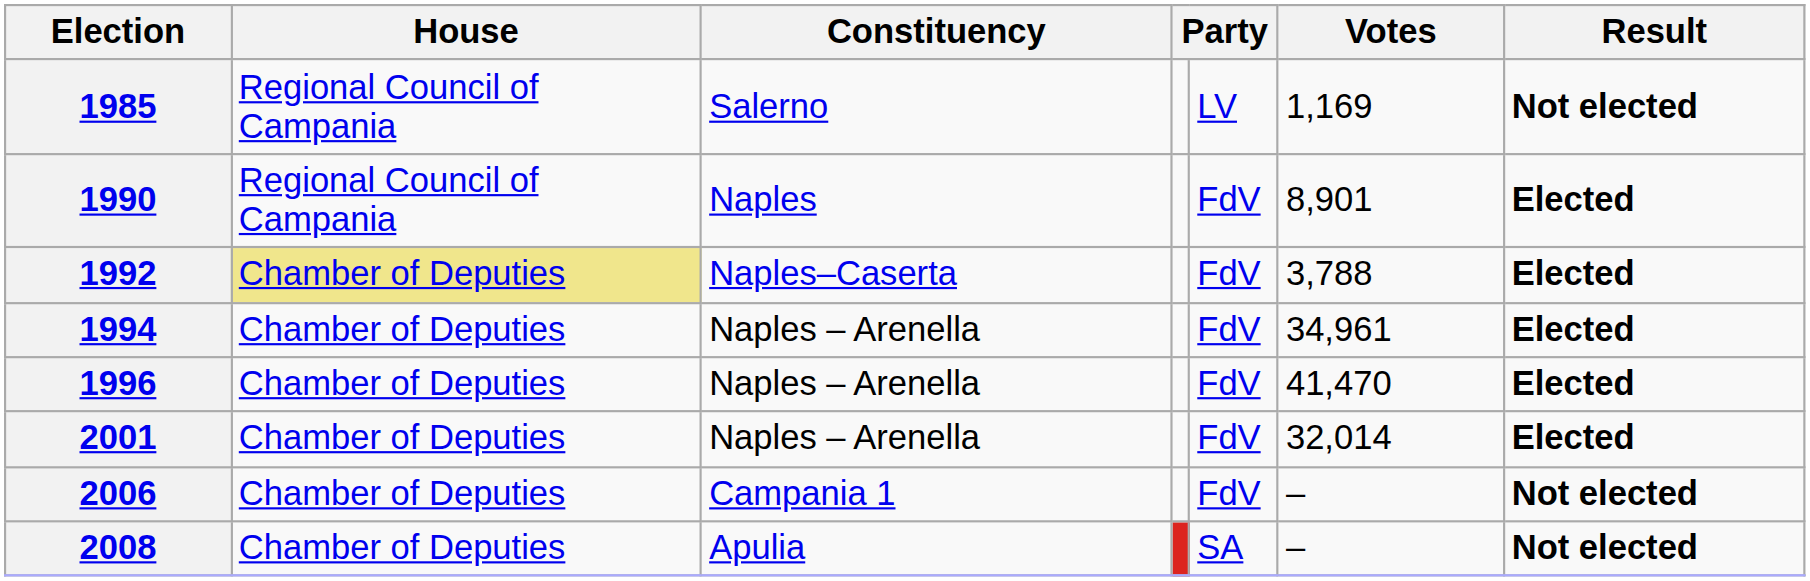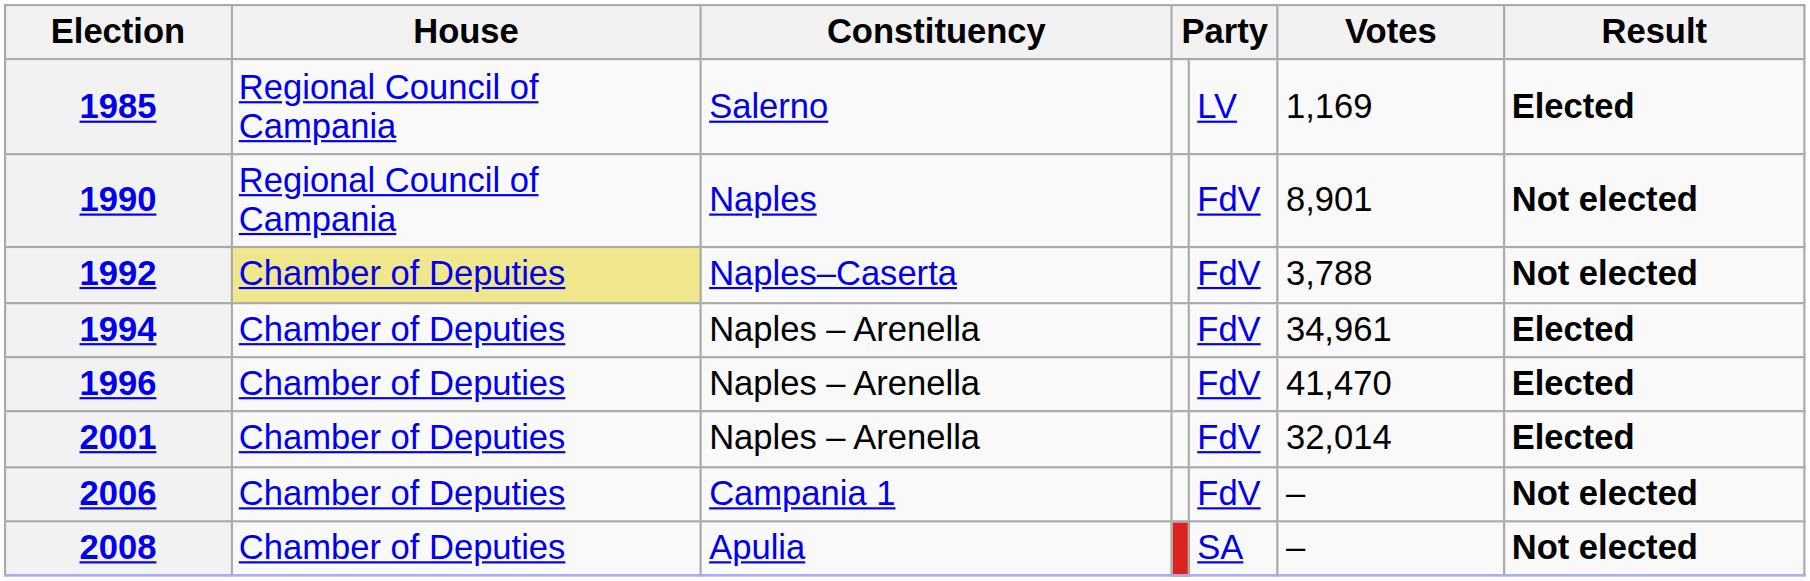 <table class=wikitable style="width:66%; border:1px #AAAAFF solid">
 <tr>
 <th width=12%>Election</th>
 <th width=25%>House</th>
 <th width=25%>Constituency</th>
 <th width=5% colspan="2">Party</th>
 <th width=12%>Votes</th>
 <th width=16%>Result</th>
 </tr>
 <tr>
 <th><a href='#'>1985</a></th>
 <td><a href='#'>Regional Council of Campania</a></td>
 <td><a href='#'>Salerno</a></td>
 <td></td>
 <td><a href='#'>LV</a></td>
 <td>1,169</td>
-<td> <strong>Not elected</strong></td>
+<td> <strong>Elected</strong></td>
 </tr>
 <tr>
 <th><a href='#'>1990</a></th>
 <td><a href='#'>Regional Council of Campania</a></td>
 <td><a href='#'>Naples</a></td>
 <td></td>
 <td><a href='#'>FdV</a></td>
 <td>8,901</td>
-<td> <strong>Elected</strong></td>
+<td> <strong>Not elected</strong></td>
 </tr>
 <tr>
 <th><a href='#'>1992</a></th>
 <td style="background: khaki;"><a href='#'>Chamber of Deputies</a></td>
 <td><a href='#'>Naples–Caserta</a></td>
 <td></td>
 <td><a href='#'>FdV</a></td>
 <td>3,788</td>
-<td> <strong>Elected</strong></td>
+<td> <strong>Not elected</strong></td>
 </tr>
 <tr>
 <th><a href='#'>1994</a></th>
 <td><a href='#'>Chamber of Deputies</a></td>
 <td>Naples – Arenella</td>
 <td></td>
 <td><a href='#'>FdV</a></td>
 <td>34,961</td>
 <td> <strong>Elected</strong></td>
 </tr>
 <tr>
 <th><a href='#'>1996</a></th>
 <td><a href='#'>Chamber of Deputies</a></td>
 <td>Naples – Arenella</td>
 <td></td>
 <td><a href='#'>FdV</a></td>
 <td>41,470</td>
 <td> <strong>Elected</strong></td>
 </tr>
 <tr>
 <th><a href='#'>2001</a></th>
 <td><a href='#'>Chamber of Deputies</a></td>
 <td>Naples – Arenella</td>
 <td></td>
 <td><a href='#'>FdV</a></td>
 <td>32,014</td>
 <td> <strong>Elected</strong></td>
 </tr>
 <tr>
 <th><a href='#'>2006</a></th>
 <td><a href='#'>Chamber of Deputies</a></td>
 <td><a href='#'>Campania 1</a></td>
 <td></td>
 <td><a href='#'>FdV</a></td>
 <td>–</td>
 <td> <strong>Not elected</strong></td>
 </tr>
 <tr>
 <th><a href='#'>2008</a></th>
 <td><a href='#'>Chamber of Deputies</a></td>
 <td><a href='#'>Apulia</a></td>
 <td bgcolor="#DC241f"></td>
 <td><a href='#'>SA</a></td>
 <td>–</td>
 <td> <strong>Not elected</strong></td>
 </tr>
 <tr>
 </tr>
 </table>
